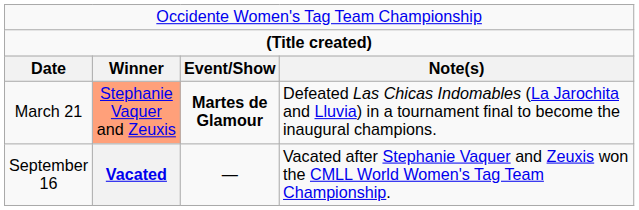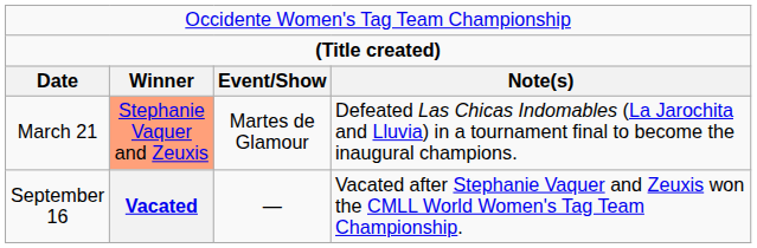 <table class="wikitable" style="text-align:center; width:100%;">
 <tr>
 <td colspan="5" style="text-align: center;"><a href='#'>Occidente Women's Tag Team Championship</a></td>
 </tr>
 <tr>
 <td colspan="5" style="text-align: center;"><strong>(Title created)</strong></td>
 </tr>
 <tr>
 <th width=14%>Date</th>
 <th width=14%>Winner</th>
 <th width=14%>Event/Show</th>
 <th width=58%>Note(s)</th>
 </tr>
 <tr>
 <td>March 21</td>
 <td style="background: lightsalmon;"><a href='#'>Stephanie Vaquer</a> and <a href='#'>Zeuxis</a></td>
-<td><strong>Martes de Glamour</strong></td>
+<td>Martes de Glamour</td>
 <td align=left>Defeated <em>Las Chicas Indomables</em> (<a href='#'>La Jarochita</a> and <a href='#'>Lluvia</a>) in a tournament final to become the inaugural champions.</td>
 </tr>
 <tr>
 <td>September 16</td>
 <th><a href='#'>Vacated</a></th>
 <td>—</td>
 <td align=left>Vacated after <a href='#'>Stephanie Vaquer</a> and <a href='#'>Zeuxis</a> won the <a href='#'>CMLL World Women's Tag Team Championship</a>.</td>
 </tr>
 </table>
